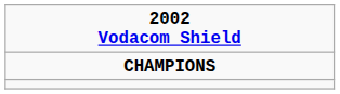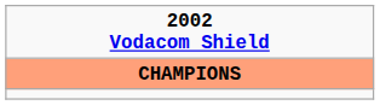 <table class="wikitable" style="text-align: center; margin: 0 auto; width: 20%">
 <tr>
 <td><strong>2002</strong> <br> <strong><a href='#'>Vodacom Shield</a></strong></td>
 </tr>
 <tr>
-<td><strong>CHAMPIONS</strong></td>
+<td style="background: lightsalmon;"><strong>CHAMPIONS</strong></td>
 </tr>
 <tr>
 <td><strong></strong></td>
 </tr>
 </table>
